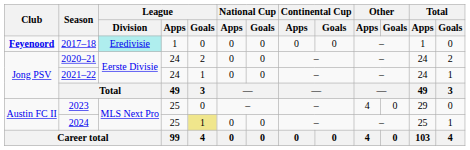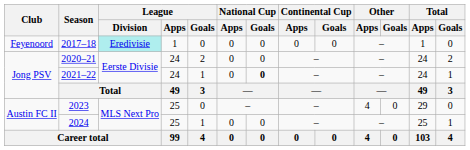 <table class="wikitable" style="text-align:center">
 <tr>
 <th rowspan="2">Club</th>
 <th rowspan="2">Season</th>
 <th colspan="3">League</th>
 <th colspan="2">National Cup</th>
 <th colspan="2">Continental Cup</th>
 <th colspan="2">Other</th>
 <th colspan="2">Total</th>
 </tr>
 <tr>
 <th>Division</th>
 <th>Apps</th>
 <th>Goals</th>
 <th>Apps</th>
 <th>Goals</th>
 <th>Apps</th>
 <th>Goals</th>
 <th>Apps</th>
 <th>Goals</th>
 <th>Apps</th>
 <th>Goals</th>
 </tr>
 <tr>
-<td><strong><a href='#'>Feyenoord</a></strong></td>
+<td><a href='#'>Feyenoord</a></td>
 <td><a href='#'>2017–18</a></td>
 <td style="background: paleturquoise;"><a href='#'>Eredivisie</a></td>
 <td>1</td>
 <td>0</td>
 <td>0</td>
 <td>0</td>
 <td>0</td>
 <td>0</td>
 <td colspan="2">–</td>
 <td>1</td>
 <td>0</td>
 </tr>
 <tr>
 <td rowspan=3><a href='#'>Jong PSV</a></td>
 <td><a href='#'>2020–21</a></td>
 <td rowspan=2><a href='#'>Eerste Divisie</a></td>
 <td>24</td>
 <td>2</td>
 <td>0</td>
 <td>0</td>
 <td colspan="2">–</td>
 <td colspan="2">–</td>
 <td>24</td>
 <td>2</td>
 </tr>
 <tr>
 <td><a href='#'>2021–22</a></td>
 <td>24</td>
 <td>1</td>
 <td>0</td>
-<td>0</td>
+<td><strong>0</strong></td>
 <td colspan="2">–</td>
 <td colspan="2">–</td>
 <td>24</td>
 <td>1</td>
 </tr>
 <tr>
 <th colspan="2">Total</th>
 <th>49</th>
 <th>3</th>
 <th colspan="2">—</th>
 <th colspan="2">—</th>
 <th colspan="2">—</th>
 <th>49</th>
 <th>3</th>
 </tr>
 <tr>
 <td rowspan=2><a href='#'>Austin FC II</a></td>
 <td><a href='#'>2023</a></td>
 <td rowspan=2><a href='#'>MLS Next Pro</a></td>
 <td>25</td>
 <td>0</td>
 <td colspan="2">–</td>
 <td colspan="2">–</td>
 <td>4</td>
 <td>0</td>
 <td>29</td>
 <td>0</td>
 </tr>
 <tr>
 <td><a href='#'>2024</a></td>
 <td>25</td>
-<td style="background: khaki;">1</td>
+<td>1</td>
 <td>0</td>
 <td>0</td>
 <td colspan="2">–</td>
 <td colspan="2">–</td>
 <td>25</td>
 <td>1</td>
 </tr>
 <tr>
 <th colspan="3">Career total</th>
 <th>99</th>
 <th>4</th>
 <th>0</th>
 <th>0</th>
 <th>0</th>
 <th>0</th>
 <th>4</th>
 <th>0</th>
 <th>103</th>
 <th>4</th>
 </tr>
 </table>
